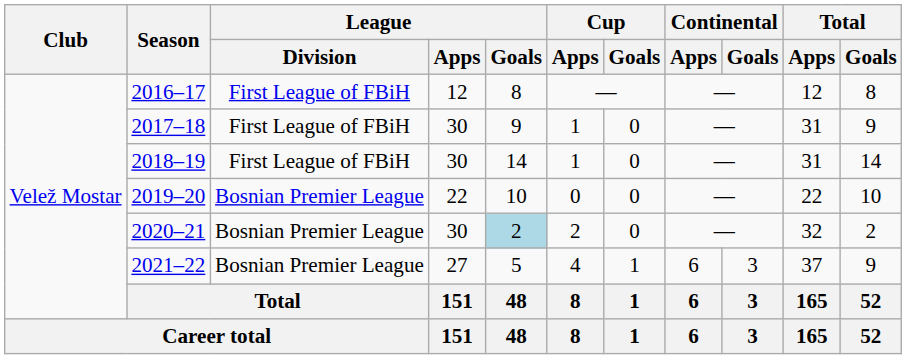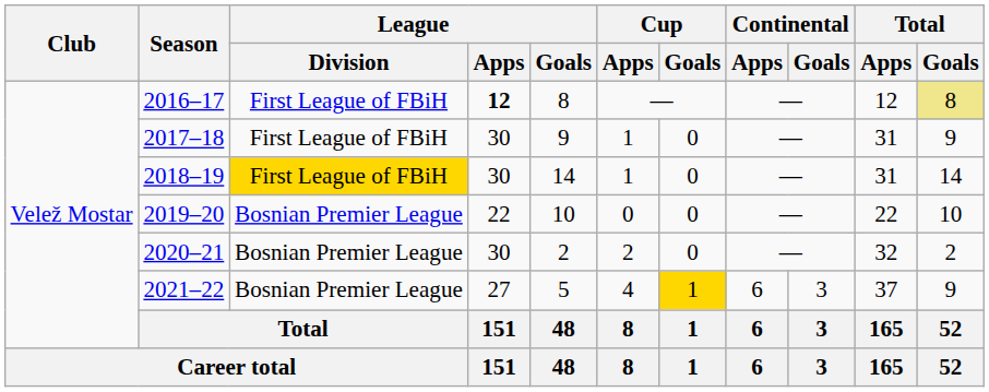 <table class=wikitable style="text-align: center;font-size:95%">
 <tr>
 <th rowspan=2>Club</th>
 <th rowspan=2>Season</th>
 <th colspan=3>League</th>
 <th colspan=2>Cup</th>
 <th colspan=2>Continental</th>
 <th colspan=2>Total</th>
 </tr>
 <tr>
 <th>Division</th>
 <th>Apps</th>
 <th>Goals</th>
 <th>Apps</th>
 <th>Goals</th>
 <th>Apps</th>
 <th>Goals</th>
 <th>Apps</th>
 <th>Goals</th>
 </tr>
 <tr>
 <td rowspan=7><a href='#'>Velež Mostar</a></td>
 <td><a href='#'>2016–17</a></td>
 <td><a href='#'>First League of FBiH</a></td>
-<td>12</td>
+<td><strong>12</strong></td>
 <td>8</td>
 <td colspan=2>—</td>
 <td colspan=2>—</td>
 <td>12</td>
-<td>8</td>
+<td style="background: khaki;">8</td>
 </tr>
 <tr>
 <td><a href='#'>2017–18</a></td>
 <td>First League of FBiH</td>
 <td>30</td>
 <td>9</td>
 <td>1</td>
 <td>0</td>
 <td colspan=2>—</td>
 <td>31</td>
 <td>9</td>
 </tr>
 <tr>
 <td><a href='#'>2018–19</a></td>
-<td>First League of FBiH</td>
+<td style="background: gold;">First League of FBiH</td>
 <td>30</td>
 <td>14</td>
 <td>1</td>
 <td>0</td>
 <td colspan=2>—</td>
 <td>31</td>
 <td>14</td>
 </tr>
 <tr>
 <td><a href='#'>2019–20</a></td>
 <td><a href='#'>Bosnian Premier League</a></td>
 <td>22</td>
 <td>10</td>
 <td>0</td>
 <td>0</td>
 <td colspan=2>—</td>
 <td>22</td>
 <td>10</td>
 </tr>
 <tr>
 <td><a href='#'>2020–21</a></td>
 <td>Bosnian Premier League</td>
 <td>30</td>
-<td style="background: lightblue;">2</td>
+<td>2</td>
 <td>2</td>
 <td>0</td>
 <td colspan=2>—</td>
 <td>32</td>
 <td>2</td>
 </tr>
 <tr>
 <td><a href='#'>2021–22</a></td>
 <td>Bosnian Premier League</td>
 <td>27</td>
 <td>5</td>
 <td>4</td>
-<td>1</td>
+<td style="background: gold;">1</td>
 <td>6</td>
 <td>3</td>
 <td>37</td>
 <td>9</td>
 </tr>
 <tr>
 <th colspan=2>Total</th>
 <th>151</th>
 <th>48</th>
 <th>8</th>
 <th>1</th>
 <th>6</th>
 <th>3</th>
 <th>165</th>
 <th>52</th>
 </tr>
 <tr>
 <th colspan=3>Career total</th>
 <th>151</th>
 <th>48</th>
 <th>8</th>
 <th>1</th>
 <th>6</th>
 <th>3</th>
 <th>165</th>
 <th>52</th>
 </tr>
 </table>
